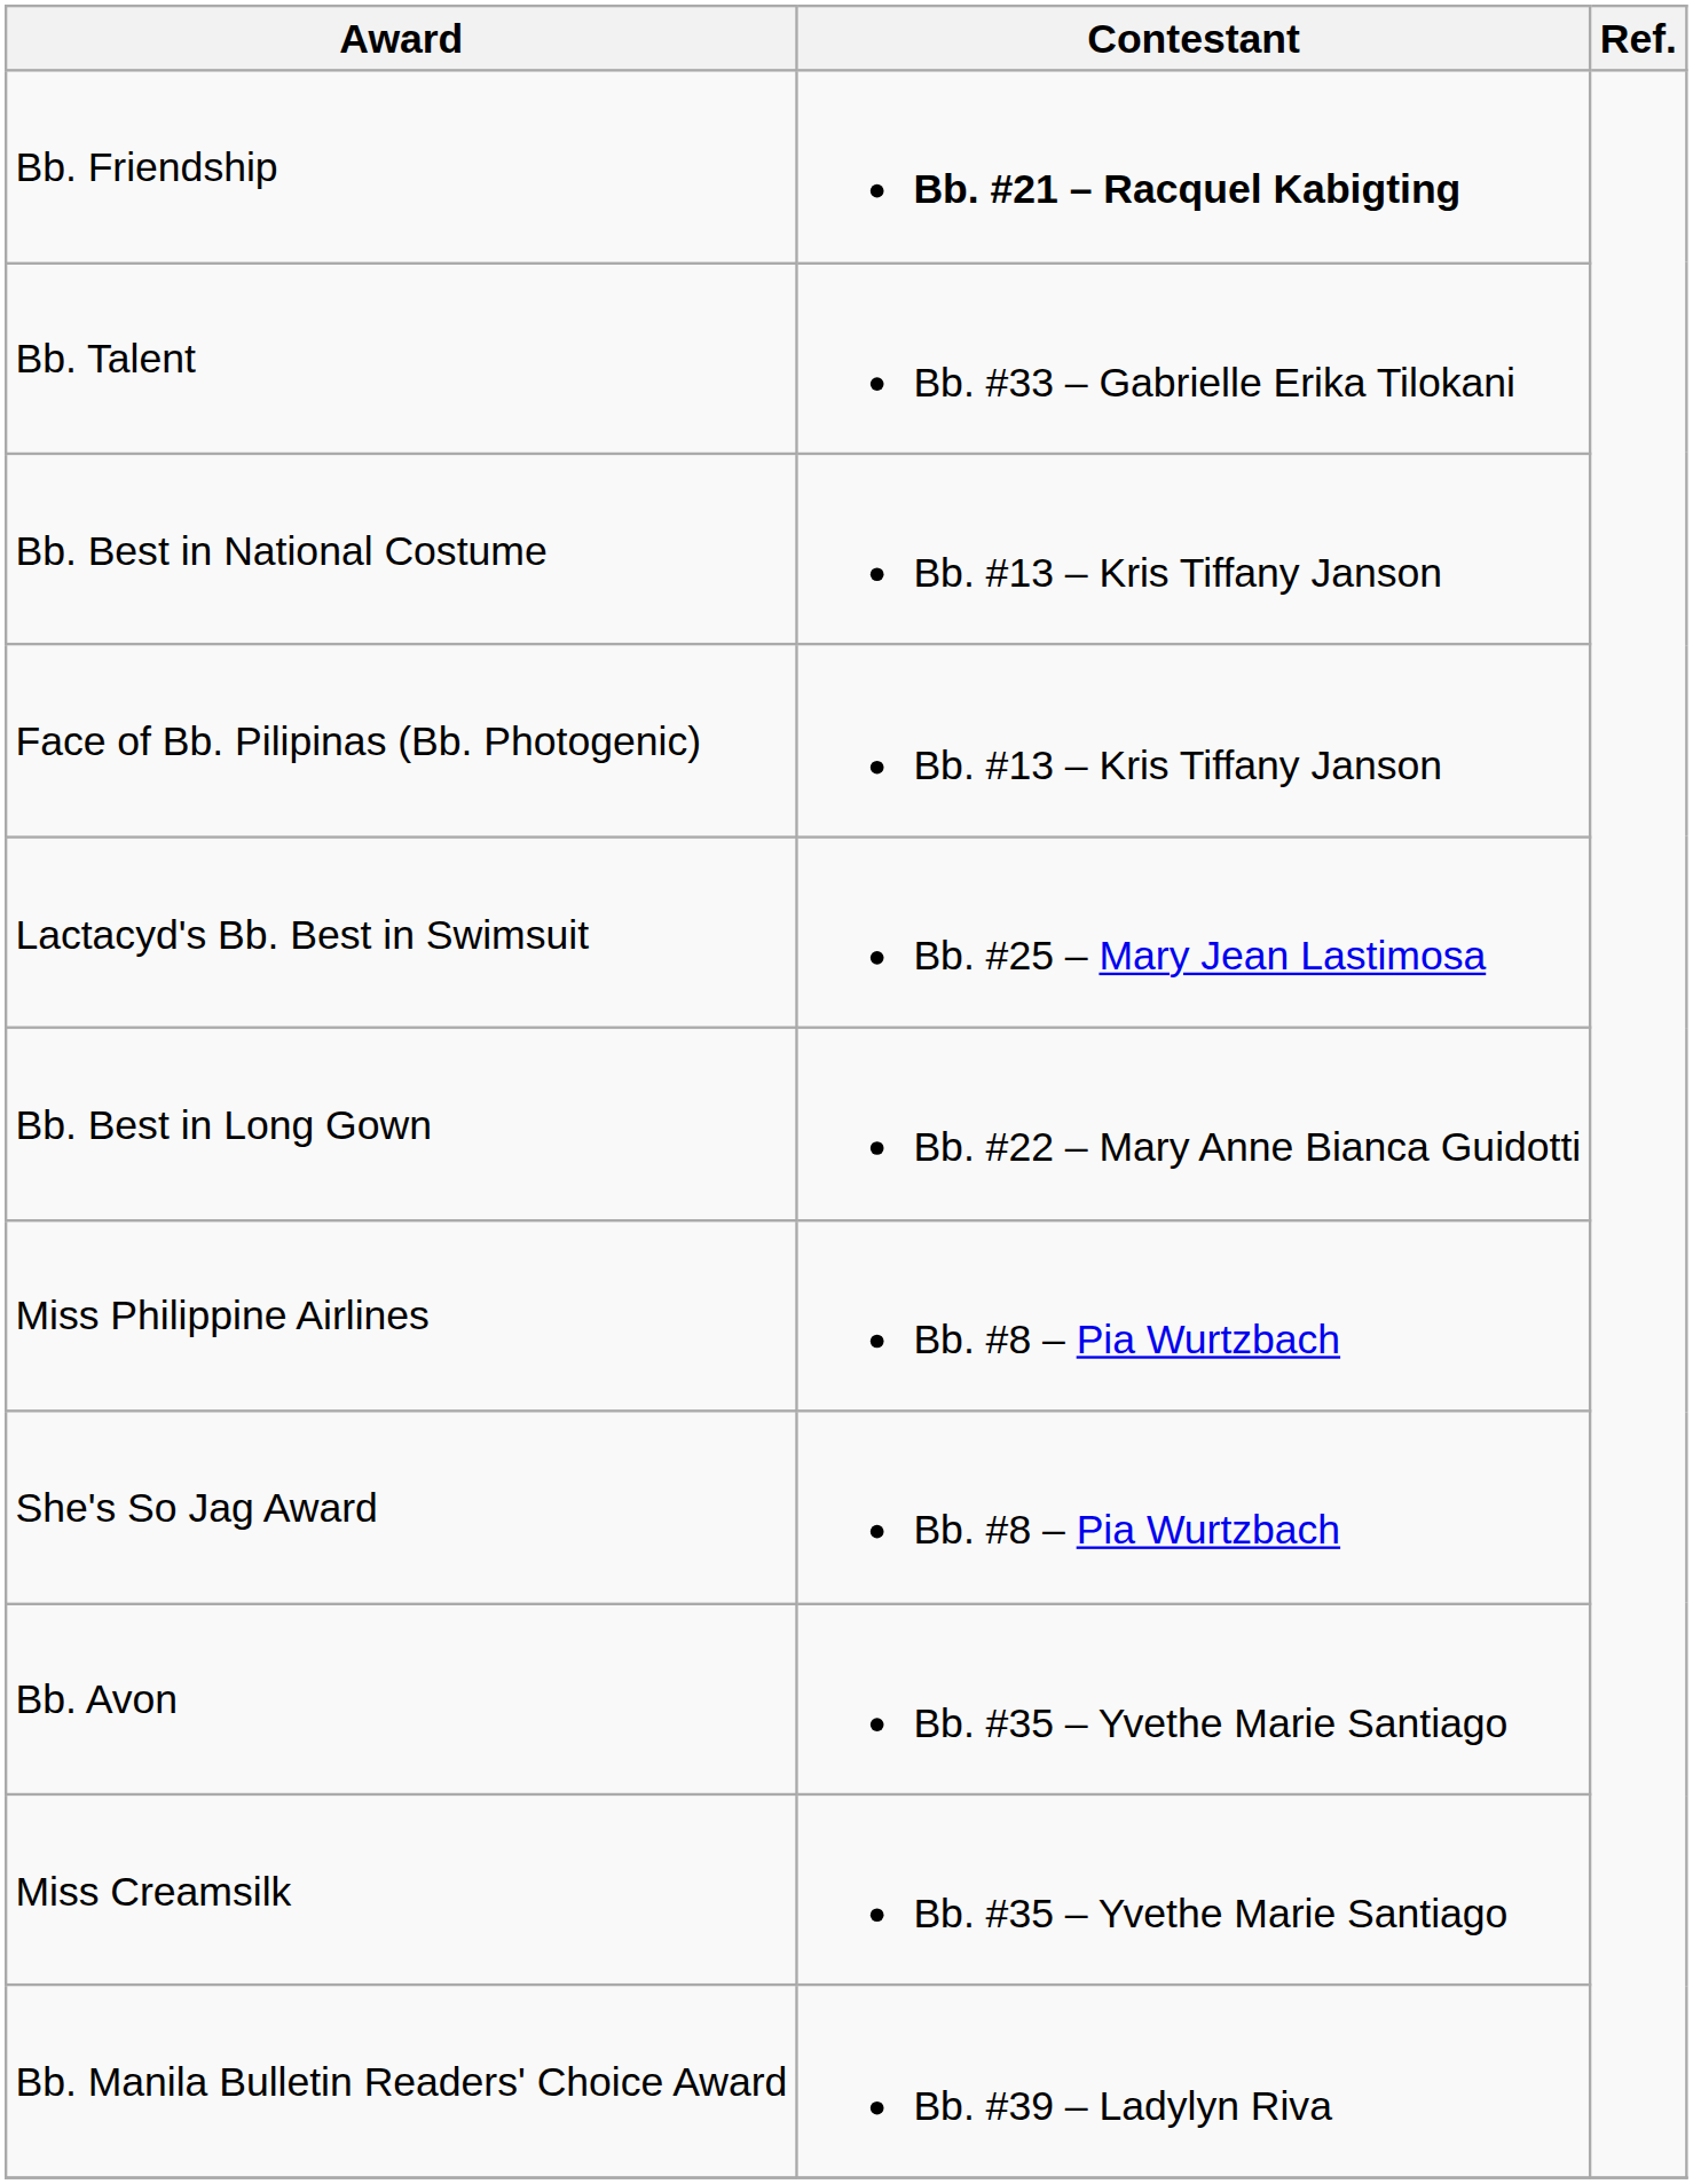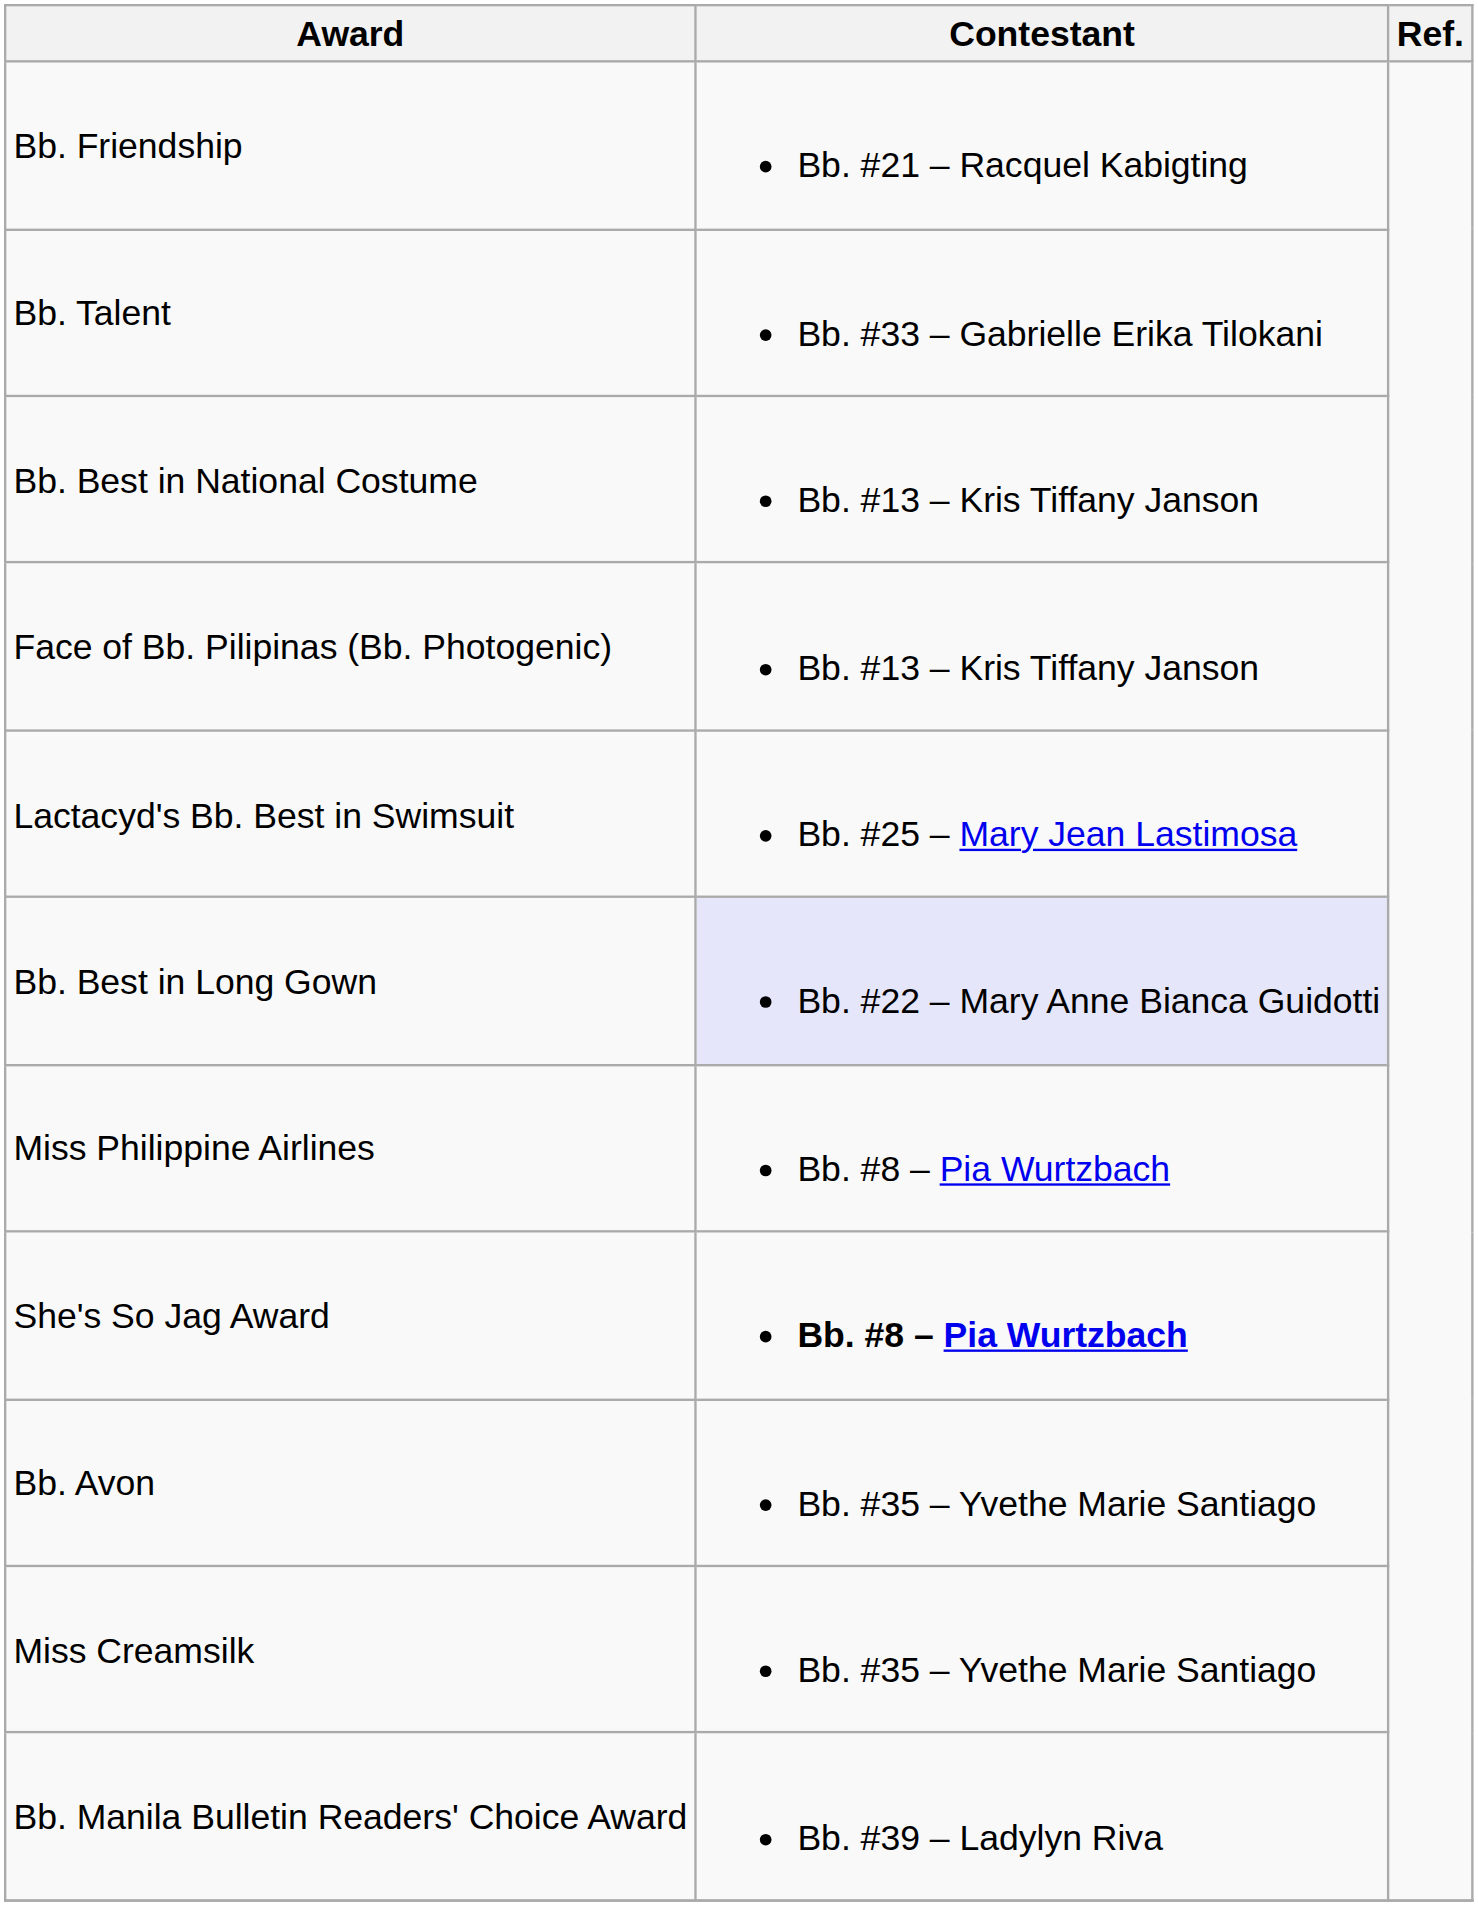 <table class="wikitable sortable" style="font-size: 95%;">
 <tr>
 <th>Award</th>
 <th>Contestant</th>
 <th>Ref.</th>
 </tr>
 <tr>
 <td>Bb. Friendship</td>
-<td><strong><br><ul><li>Bb. #21 – Racquel Kabigting</li></ul></strong></td>
+<td><br><ul><li>Bb. #21 – Racquel Kabigting</li></ul></td>
 <td rowspan="11"><br></td>
 </tr>
 <tr>
 <td>Bb. Talent</td>
 <td><br><ul><li>Bb. #33 – Gabrielle Erika Tilokani</li></ul></td>
 </tr>
 <tr>
 <td>Bb. Best in National Costume</td>
 <td><br><ul><li>Bb. #13 – Kris Tiffany Janson</li></ul></td>
 </tr>
 <tr>
 <td>Face of Bb. Pilipinas (Bb. Photogenic)</td>
 <td><br><ul><li>Bb. #13 – Kris Tiffany Janson</li></ul></td>
 </tr>
 <tr>
 <td>Lactacyd's Bb. Best in Swimsuit</td>
 <td><br><ul><li>Bb. #25 – <a href='#'>Mary Jean Lastimosa</a></li></ul></td>
 </tr>
 <tr>
 <td>Bb. Best in Long Gown</td>
-<td><br><ul><li>Bb. #22 – Mary Anne Bianca Guidotti</li></ul></td>
+<td style="background: lavender;"><br><ul><li>Bb. #22 – Mary Anne Bianca Guidotti</li></ul></td>
 </tr>
 <tr>
 <td>Miss Philippine Airlines</td>
 <td><br><ul><li>Bb. #8 – <a href='#'>Pia Wurtzbach</a></li></ul></td>
 </tr>
 <tr>
 <td>She's So Jag Award</td>
-<td><br><ul><li>Bb. #8 – <a href='#'>Pia Wurtzbach</a></li></ul></td>
+<td><strong><br><ul><li>Bb. #8 – <a href='#'>Pia Wurtzbach</a></li></ul></strong></td>
 </tr>
 <tr>
 <td>Bb. Avon</td>
 <td><br><ul><li>Bb. #35 – Yvethe Marie Santiago</li></ul></td>
 </tr>
 <tr>
 <td>Miss Creamsilk</td>
 <td><br><ul><li>Bb. #35 – Yvethe Marie Santiago</li></ul></td>
 </tr>
 <tr>
 <td>Bb. Manila Bulletin Readers' Choice Award</td>
 <td><br><ul><li>Bb. #39 – Ladylyn Riva</li></ul></td>
 </tr>
 <tr>
 </tr>
 </table>
